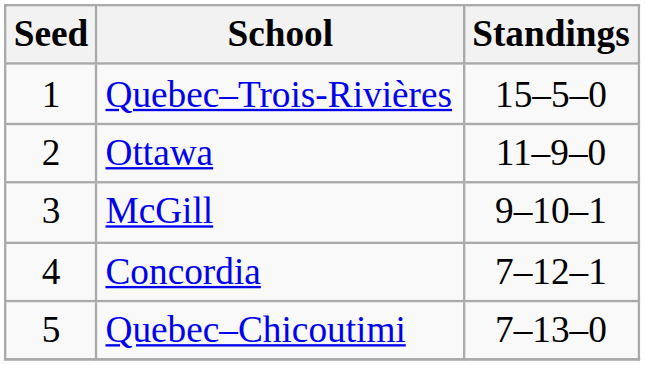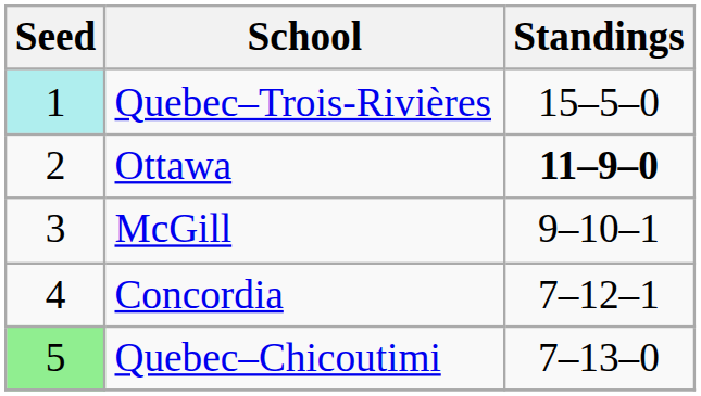 <table class="wikitable">
 <tr>
 <th>Seed</th>
 <th style="width:150px">School</th>
 <th>Standings</th>
 </tr>
 <tr>
-<td align=center>1</td>
+<td align=center style="background: paleturquoise;">1</td>
 <td><a href='#'>Quebec–Trois-Rivières</a></td>
 <td align=center>15–5–0</td>
 </tr>
 <tr>
 <td align=center>2</td>
 <td><a href='#'>Ottawa</a></td>
-<td align=center>11–9–0</td>
+<td align=center><strong>11–9–0</strong></td>
 </tr>
 <tr>
 <td align=center>3</td>
 <td><a href='#'>McGill</a></td>
 <td align=center>9–10–1</td>
 </tr>
 <tr>
 <td align=center>4</td>
 <td><a href='#'>Concordia</a></td>
 <td align=center>7–12–1</td>
 </tr>
 <tr>
-<td align=center>5</td>
+<td align=center style="background: lightgreen;">5</td>
 <td><a href='#'>Quebec–Chicoutimi</a></td>
 <td align=center>7–13–0</td>
 </tr>
 <tr>
 </tr>
 </table>
